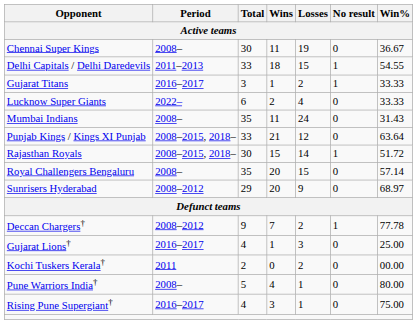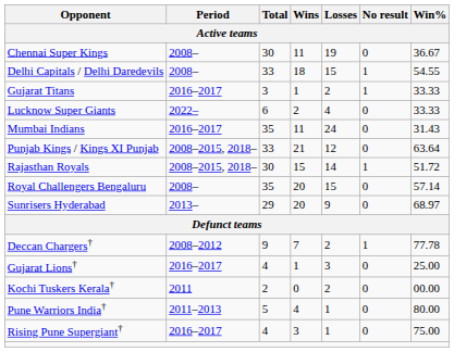 <table class="wikitable sortable" style="text-align:left;font-size:96%;">
 <tr>
 <th>Opponent</th>
 <th>Period</th>
 <th>Total</th>
 <th>Wins</th>
 <th>Losses</th>
 <th>No result</th>
 <th>Win%</th>
 </tr>
 <tr>
 <th colspan=7><em>Active teams</em></th>
 </tr>
 <tr>
 <td style="text-align:left"><a href='#'>Chennai Super Kings</a></td>
 <td><a href='#'>2008</a>–</td>
 <td>30</td>
 <td>11</td>
 <td>19</td>
 <td>0</td>
 <td>36.67</td>
 </tr>
 <tr>
 <td style="text-align:left"><a href='#'>Delhi Capitals</a> / <a href='#'>Delhi Daredevils</a></td>
-<td><a href='#'>2011</a>–<a href='#'>2013</a></td>
+<td><a href='#'>2008</a>–</td>
 <td>33</td>
 <td>18</td>
 <td>15</td>
 <td>1</td>
 <td>54.55</td>
 </tr>
 <tr>
 <td><a href='#'>Gujarat Titans</a></td>
 <td><a href='#'>2016</a>–<a href='#'>2017</a></td>
 <td>3</td>
 <td>1</td>
 <td>2</td>
 <td>1</td>
 <td>33.33</td>
 </tr>
 <tr>
 <td><a href='#'>Lucknow Super Giants</a></td>
 <td><a href='#'>2022–</a></td>
 <td>6</td>
 <td>2</td>
 <td>4</td>
 <td>0</td>
 <td>33.33</td>
 </tr>
 <tr>
 <td style="text-align:left"><a href='#'>Mumbai Indians</a></td>
-<td><a href='#'>2008</a>–</td>
+<td><a href='#'>2016</a>–<a href='#'>2017</a></td>
 <td>35</td>
 <td>11</td>
 <td>24</td>
 <td>0</td>
 <td>31.43</td>
 </tr>
 <tr>
 <td style="text-align:left"><a href='#'>Punjab Kings</a> / <a href='#'>Kings XI Punjab</a></td>
 <td><a href='#'>2008</a>–<a href='#'>2015</a>, <a href='#'>2018</a>–</td>
 <td>33</td>
 <td>21</td>
 <td>12</td>
 <td>0</td>
 <td>63.64</td>
 </tr>
 <tr>
 <td style="text-align:left"><a href='#'>Rajasthan Royals</a></td>
 <td><a href='#'>2008</a>–<a href='#'>2015</a>, <a href='#'>2018</a>–</td>
 <td>30</td>
 <td>15</td>
 <td>14</td>
 <td>1</td>
 <td>51.72</td>
 </tr>
 <tr>
 <td style="text-align:left"><a href='#'>Royal Challengers Bengaluru</a></td>
 <td><a href='#'>2008</a>–</td>
 <td>35</td>
 <td>20</td>
 <td>15</td>
 <td>0</td>
 <td>57.14</td>
 </tr>
 <tr>
 <td style="text-align:left"><a href='#'>Sunrisers Hyderabad</a></td>
-<td><a href='#'>2008</a>–<a href='#'>2012</a></td>
+<td><a href='#'>2013</a>–</td>
 <td>29</td>
 <td>20</td>
 <td>9</td>
 <td>0</td>
 <td>68.97</td>
 </tr>
 <tr>
 <th colspan=7><em>Defunct teams</em></th>
 </tr>
 <tr>
 <td style="text-align:left"><a href='#'>Deccan Chargers</a><sup>†</sup></td>
 <td><a href='#'>2008</a>–<a href='#'>2012</a></td>
 <td>9</td>
 <td>7</td>
 <td>2</td>
 <td>1</td>
 <td>77.78</td>
 </tr>
 <tr>
 <td style="text-align:left"><a href='#'>Gujarat Lions</a><sup>†</sup></td>
 <td><a href='#'>2016</a>–<a href='#'>2017</a></td>
 <td>4</td>
 <td>1</td>
 <td>3</td>
 <td>0</td>
 <td>25.00</td>
 </tr>
 <tr>
 <td style="text-align:left"><a href='#'>Kochi Tuskers Kerala</a><sup>†</sup></td>
 <td><a href='#'>2011</a></td>
 <td>2</td>
 <td>0</td>
 <td>2</td>
 <td>0</td>
 <td>00.00</td>
 </tr>
 <tr>
 <td style="text-align:left"><a href='#'>Pune Warriors India</a><sup>†</sup></td>
-<td><a href='#'>2008</a>–</td>
+<td><a href='#'>2011</a>–<a href='#'>2013</a></td>
 <td>5</td>
 <td>4</td>
 <td>1</td>
 <td>0</td>
 <td>80.00</td>
 </tr>
 <tr>
 <td style="text-align:left"><a href='#'>Rising Pune Supergiant</a><sup>†</sup></td>
 <td><a href='#'>2016</a>–<a href='#'>2017</a></td>
 <td>4</td>
 <td>3</td>
 <td>1</td>
 <td>0</td>
 <td>75.00</td>
 </tr>
 <tr class="sortbottom">
 <td colspan="7"></td>
 </tr>
 </table>
